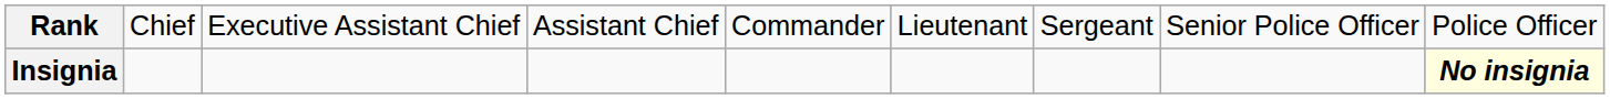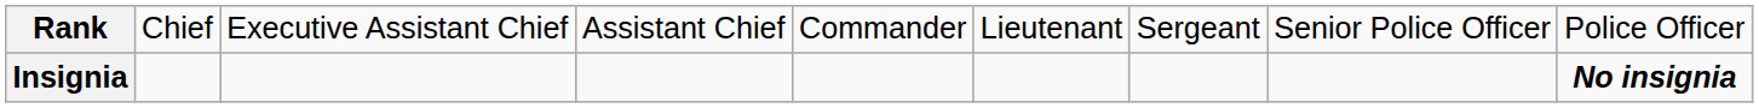 <table class="wikitable">
 <tr style="text-align:center;">
 <th>Rank</th>
 <td>Chief</td>
 <td>Executive Assistant Chief</td>
 <td>Assistant Chief</td>
 <td>Commander</td>
 <td>Lieutenant</td>
 <td>Sergeant</td>
 <td>Senior Police Officer</td>
 <td>Police Officer</td>
 </tr>
 <tr style="text-align:center;">
 <th>Insignia</th>
 <td></td>
 <td></td>
 <td></td>
 <td></td>
 <td></td>
 <td></td>
 <td></td>
-<td style="background: lightyellow;"><strong><em>No insignia</em></strong></td>
+<td><strong><em>No insignia</em></strong></td>
 </tr>
 </table>
